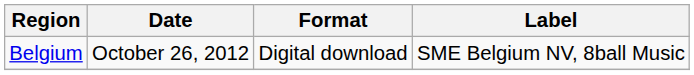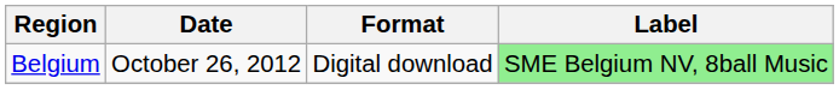 <table class=wikitable>
 <tr>
 <th>Region</th>
 <th>Date</th>
 <th>Format</th>
 <th>Label</th>
 </tr>
 <tr>
 <td><a href='#'>Belgium</a></td>
 <td>October 26, 2012</td>
 <td>Digital download</td>
-<td>SME Belgium NV, 8ball Music</td>
+<td style="background: lightgreen;">SME Belgium NV, 8ball Music</td>
 </tr>
 <tr>
 </tr>
 </table>
